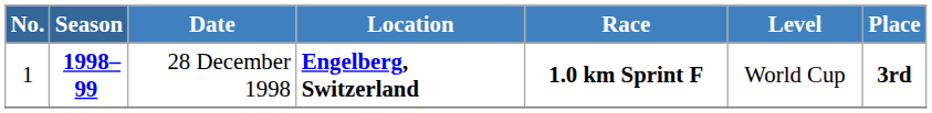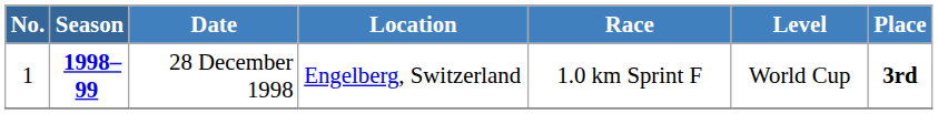 <table class="wikitable sortable" style="font-size:95%; text-align:center; border:grey solid 1px; border-collapse:collapse; background:#ffffff;">
 <tr style="background:#efefef;">
 <th style="background-color:#369; color:white;">No.</th>
 <th style="background-color:#369; color:white;">Season</th>
 <th style="background-color:#4180be; color:white; width:120px;">Date</th>
 <th style="background-color:#4180be; color:white; width:170px;">Location</th>
 <th style="background-color:#4180be; color:white; width:160px;">Race</th>
 <th style="background-color:#4180be; color:white; width:100px;">Level</th>
 <th style="background-color:#4180be; color:white;">Place</th>
 </tr>
 <tr>
 <td align=center>1</td>
 <td rowspan=1 align=center><strong> <a href='#'>1998–99</a> </strong></td>
 <td align=right>28 December 1998</td>
-<td align=left><strong> <a href='#'>Engelberg</a>, Switzerland</strong></td>
-<td><strong>1.0 km Sprint F</strong></td>
+<td align=left> <a href='#'>Engelberg</a>, Switzerland</td>
+<td>1.0 km Sprint F</td>
 <td>World Cup</td>
 <td><strong>3rd</strong></td>
 </tr>
 <tr>
 </tr>
 </table>
